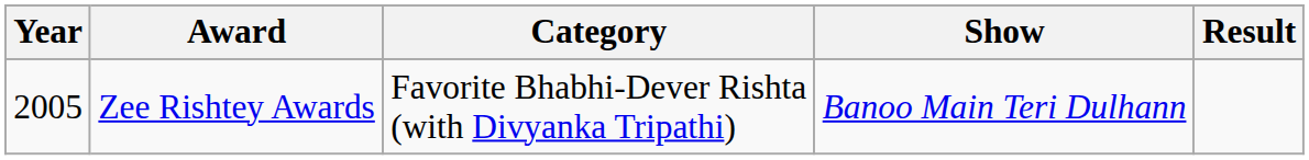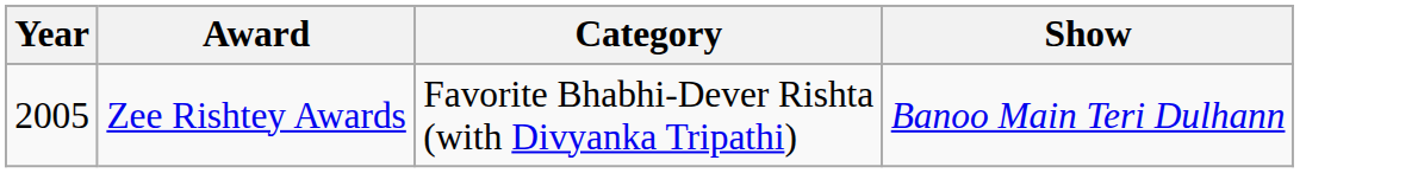 <table class="wikitable">
 <tr>
 <th>Year</th>
 <th>Award</th>
 <th>Category</th>
 <th>Show</th>
-<th>Result</th>
 </tr>
 <tr>
 <td>2005</td>
 <td><a href='#'>Zee Rishtey Awards</a></td>
 <td>Favorite Bhabhi-Dever Rishta<br>(with <a href='#'>Divyanka Tripathi</a>)</td>
 <td><em><a href='#'>Banoo Main Teri Dulhann</a></em></td>
-<td></td>
 </tr>
 </table>
